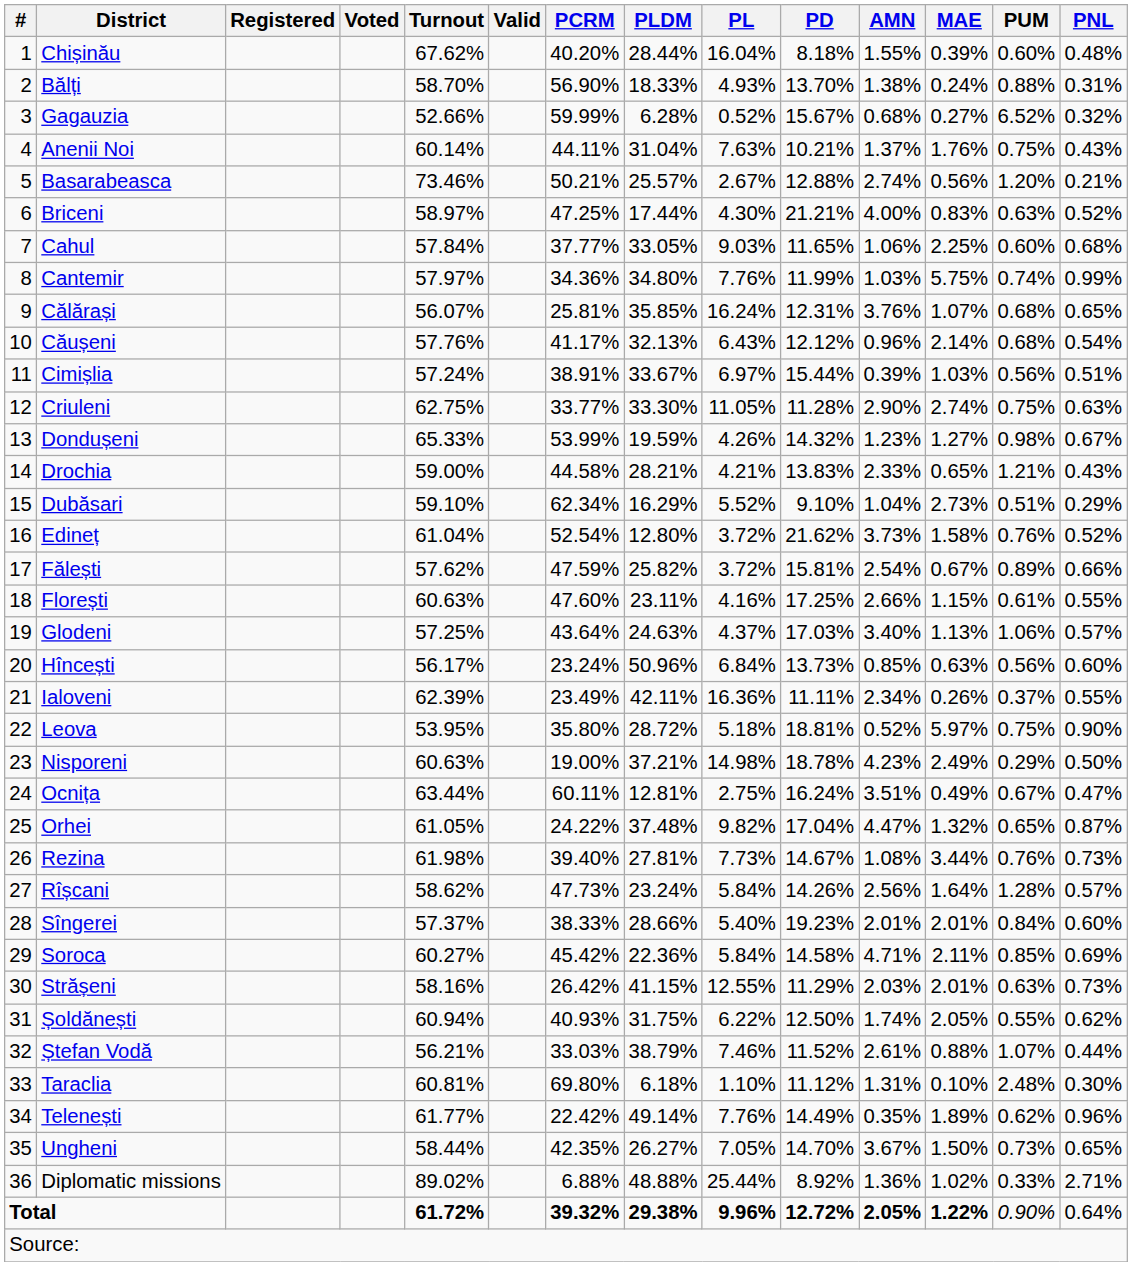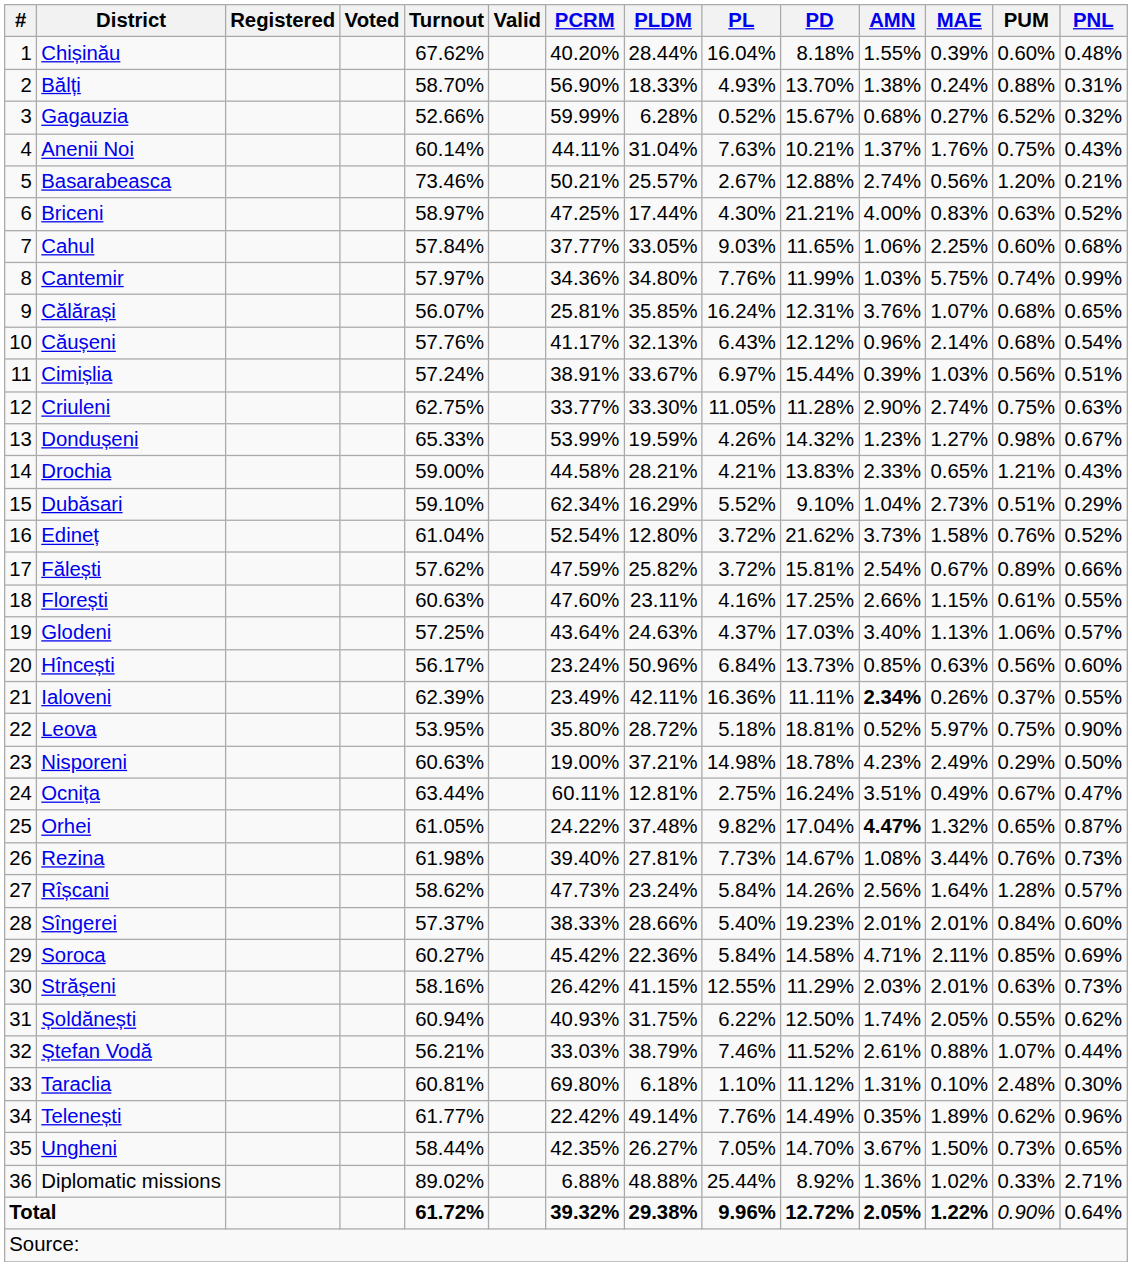 <table class="wikitable sortable" style=text-align:right>
 <tr>
 <th>#</th>
 <th>District</th>
 <th>Registered</th>
 <th>Voted</th>
 <th>Turnout</th>
 <th>Valid</th>
 <th><a href='#'>PCRM</a></th>
 <th><a href='#'>PLDM</a></th>
 <th><a href='#'>PL</a></th>
 <th><a href='#'>PD</a></th>
 <th><a href='#'>AMN</a></th>
 <th><a href='#'>MAE</a></th>
 <th>PUM</th>
 <th><a href='#'>PNL</a></th>
 </tr>
 <tr>
 <td>1</td>
 <td align=left><a href='#'>Chișinău</a></td>
 <td></td>
 <td></td>
 <td>67.62%</td>
 <td></td>
 <td>40.20%</td>
 <td>28.44%</td>
 <td>16.04%</td>
 <td>8.18%</td>
 <td>1.55%</td>
 <td>0.39%</td>
 <td>0.60%</td>
 <td>0.48%</td>
 </tr>
 <tr>
 <td>2</td>
 <td align=left><a href='#'>Bălți</a></td>
 <td></td>
 <td></td>
 <td>58.70%</td>
 <td></td>
 <td>56.90%</td>
 <td>18.33%</td>
 <td>4.93%</td>
 <td>13.70%</td>
 <td>1.38%</td>
 <td>0.24%</td>
 <td>0.88%</td>
 <td>0.31%</td>
 </tr>
 <tr>
 <td>3</td>
 <td align=left><a href='#'>Gagauzia</a></td>
 <td></td>
 <td></td>
 <td>52.66%</td>
 <td></td>
 <td>59.99%</td>
 <td>6.28%</td>
 <td>0.52%</td>
 <td>15.67%</td>
 <td>0.68%</td>
 <td>0.27%</td>
 <td>6.52%</td>
 <td>0.32%</td>
 </tr>
 <tr>
 <td>4</td>
 <td align=left><a href='#'>Anenii Noi</a></td>
 <td></td>
 <td></td>
 <td>60.14%</td>
 <td></td>
 <td>44.11%</td>
 <td>31.04%</td>
 <td>7.63%</td>
 <td>10.21%</td>
 <td>1.37%</td>
 <td>1.76%</td>
 <td>0.75%</td>
 <td>0.43%</td>
 </tr>
 <tr>
 <td>5</td>
 <td align=left><a href='#'>Basarabeasca</a></td>
 <td></td>
 <td></td>
 <td>73.46%</td>
 <td></td>
 <td>50.21%</td>
 <td>25.57%</td>
 <td>2.67%</td>
 <td>12.88%</td>
 <td>2.74%</td>
 <td>0.56%</td>
 <td>1.20%</td>
 <td>0.21%</td>
 </tr>
 <tr>
 <td>6</td>
 <td align=left><a href='#'>Briceni</a></td>
 <td></td>
 <td></td>
 <td>58.97%</td>
 <td></td>
 <td>47.25%</td>
 <td>17.44%</td>
 <td>4.30%</td>
 <td>21.21%</td>
 <td>4.00%</td>
 <td>0.83%</td>
 <td>0.63%</td>
 <td>0.52%</td>
 </tr>
 <tr>
 <td>7</td>
 <td align=left><a href='#'>Cahul</a></td>
 <td></td>
 <td></td>
 <td>57.84%</td>
 <td></td>
 <td>37.77%</td>
 <td>33.05%</td>
 <td>9.03%</td>
 <td>11.65%</td>
 <td>1.06%</td>
 <td>2.25%</td>
 <td>0.60%</td>
 <td>0.68%</td>
 </tr>
 <tr>
 <td>8</td>
 <td align=left><a href='#'>Cantemir</a></td>
 <td></td>
 <td></td>
 <td>57.97%</td>
 <td></td>
 <td>34.36%</td>
 <td>34.80%</td>
 <td>7.76%</td>
 <td>11.99%</td>
 <td>1.03%</td>
 <td>5.75%</td>
 <td>0.74%</td>
 <td>0.99%</td>
 </tr>
 <tr>
 <td>9</td>
 <td align=left><a href='#'>Călărași</a></td>
 <td></td>
 <td></td>
 <td>56.07%</td>
 <td></td>
 <td>25.81%</td>
 <td>35.85%</td>
 <td>16.24%</td>
 <td>12.31%</td>
 <td>3.76%</td>
 <td>1.07%</td>
 <td>0.68%</td>
 <td>0.65%</td>
 </tr>
 <tr>
 <td>10</td>
 <td align=left><a href='#'>Căușeni</a></td>
 <td></td>
 <td></td>
 <td>57.76%</td>
 <td></td>
 <td>41.17%</td>
 <td>32.13%</td>
 <td>6.43%</td>
 <td>12.12%</td>
 <td>0.96%</td>
 <td>2.14%</td>
 <td>0.68%</td>
 <td>0.54%</td>
 </tr>
 <tr>
 <td>11</td>
 <td align=left><a href='#'>Cimișlia</a></td>
 <td></td>
 <td></td>
 <td>57.24%</td>
 <td></td>
 <td>38.91%</td>
 <td>33.67%</td>
 <td>6.97%</td>
 <td>15.44%</td>
 <td>0.39%</td>
 <td>1.03%</td>
 <td>0.56%</td>
 <td>0.51%</td>
 </tr>
 <tr>
 <td>12</td>
 <td align=left><a href='#'>Criuleni</a></td>
 <td></td>
 <td></td>
 <td>62.75%</td>
 <td></td>
 <td>33.77%</td>
 <td>33.30%</td>
 <td>11.05%</td>
 <td>11.28%</td>
 <td>2.90%</td>
 <td>2.74%</td>
 <td>0.75%</td>
 <td>0.63%</td>
 </tr>
 <tr>
 <td>13</td>
 <td align=left><a href='#'>Dondușeni</a></td>
 <td></td>
 <td></td>
 <td>65.33%</td>
 <td></td>
 <td>53.99%</td>
 <td>19.59%</td>
 <td>4.26%</td>
 <td>14.32%</td>
 <td>1.23%</td>
 <td>1.27%</td>
 <td>0.98%</td>
 <td>0.67%</td>
 </tr>
 <tr>
 <td>14</td>
 <td align=left><a href='#'>Drochia</a></td>
 <td></td>
 <td></td>
 <td>59.00%</td>
 <td></td>
 <td>44.58%</td>
 <td>28.21%</td>
 <td>4.21%</td>
 <td>13.83%</td>
 <td>2.33%</td>
 <td>0.65%</td>
 <td>1.21%</td>
 <td>0.43%</td>
 </tr>
 <tr>
 <td>15</td>
 <td align=left><a href='#'>Dubăsari</a></td>
 <td></td>
 <td></td>
 <td>59.10%</td>
 <td></td>
 <td>62.34%</td>
 <td>16.29%</td>
 <td>5.52%</td>
 <td>9.10%</td>
 <td>1.04%</td>
 <td>2.73%</td>
 <td>0.51%</td>
 <td>0.29%</td>
 </tr>
 <tr>
 <td>16</td>
 <td align=left><a href='#'>Edineț</a></td>
 <td></td>
 <td></td>
 <td>61.04%</td>
 <td></td>
 <td>52.54%</td>
 <td>12.80%</td>
 <td>3.72%</td>
 <td>21.62%</td>
 <td>3.73%</td>
 <td>1.58%</td>
 <td>0.76%</td>
 <td>0.52%</td>
 </tr>
 <tr>
 <td>17</td>
 <td align=left><a href='#'>Fălești</a></td>
 <td></td>
 <td></td>
 <td>57.62%</td>
 <td></td>
 <td>47.59%</td>
 <td>25.82%</td>
 <td>3.72%</td>
 <td>15.81%</td>
 <td>2.54%</td>
 <td>0.67%</td>
 <td>0.89%</td>
 <td>0.66%</td>
 </tr>
 <tr>
 <td>18</td>
 <td align=left><a href='#'>Florești</a></td>
 <td></td>
 <td></td>
 <td>60.63%</td>
 <td></td>
 <td>47.60%</td>
 <td>23.11%</td>
 <td>4.16%</td>
 <td>17.25%</td>
 <td>2.66%</td>
 <td>1.15%</td>
 <td>0.61%</td>
 <td>0.55%</td>
 </tr>
 <tr>
 <td>19</td>
 <td align=left><a href='#'>Glodeni</a></td>
 <td></td>
 <td></td>
 <td>57.25%</td>
 <td></td>
 <td>43.64%</td>
 <td>24.63%</td>
 <td>4.37%</td>
 <td>17.03%</td>
 <td>3.40%</td>
 <td>1.13%</td>
 <td>1.06%</td>
 <td>0.57%</td>
 </tr>
 <tr>
 <td>20</td>
 <td align=left><a href='#'>Hîncești</a></td>
 <td></td>
 <td></td>
 <td>56.17%</td>
 <td></td>
 <td>23.24%</td>
 <td>50.96%</td>
 <td>6.84%</td>
 <td>13.73%</td>
 <td>0.85%</td>
 <td>0.63%</td>
 <td>0.56%</td>
 <td>0.60%</td>
 </tr>
 <tr>
 <td>21</td>
 <td align=left><a href='#'>Ialoveni</a></td>
 <td></td>
 <td></td>
 <td>62.39%</td>
 <td></td>
 <td>23.49%</td>
 <td>42.11%</td>
 <td>16.36%</td>
 <td>11.11%</td>
-<td>2.34%</td>
+<td><strong>2.34%</strong></td>
 <td>0.26%</td>
 <td>0.37%</td>
 <td>0.55%</td>
 </tr>
 <tr>
 <td>22</td>
 <td align=left><a href='#'>Leova</a></td>
 <td></td>
 <td></td>
 <td>53.95%</td>
 <td></td>
 <td>35.80%</td>
 <td>28.72%</td>
 <td>5.18%</td>
 <td>18.81%</td>
 <td>0.52%</td>
 <td>5.97%</td>
 <td>0.75%</td>
 <td>0.90%</td>
 </tr>
 <tr>
 <td>23</td>
 <td align=left><a href='#'>Nisporeni</a></td>
 <td></td>
 <td></td>
 <td>60.63%</td>
 <td></td>
 <td>19.00%</td>
 <td>37.21%</td>
 <td>14.98%</td>
 <td>18.78%</td>
 <td>4.23%</td>
 <td>2.49%</td>
 <td>0.29%</td>
 <td>0.50%</td>
 </tr>
 <tr>
 <td>24</td>
 <td align=left><a href='#'>Ocnița</a></td>
 <td></td>
 <td></td>
 <td>63.44%</td>
 <td></td>
 <td>60.11%</td>
 <td>12.81%</td>
 <td>2.75%</td>
 <td>16.24%</td>
 <td>3.51%</td>
 <td>0.49%</td>
 <td>0.67%</td>
 <td>0.47%</td>
 </tr>
 <tr>
 <td>25</td>
 <td align=left><a href='#'>Orhei</a></td>
 <td></td>
 <td></td>
 <td>61.05%</td>
 <td></td>
 <td>24.22%</td>
 <td>37.48%</td>
 <td>9.82%</td>
 <td>17.04%</td>
-<td>4.47%</td>
+<td><strong>4.47%</strong></td>
 <td>1.32%</td>
 <td>0.65%</td>
 <td>0.87%</td>
 </tr>
 <tr>
 <td>26</td>
 <td align=left><a href='#'>Rezina</a></td>
 <td></td>
 <td></td>
 <td>61.98%</td>
 <td></td>
 <td>39.40%</td>
 <td>27.81%</td>
 <td>7.73%</td>
 <td>14.67%</td>
 <td>1.08%</td>
 <td>3.44%</td>
 <td>0.76%</td>
 <td>0.73%</td>
 </tr>
 <tr>
 <td>27</td>
 <td align=left><a href='#'>Rîșcani</a></td>
 <td></td>
 <td></td>
 <td>58.62%</td>
 <td></td>
 <td>47.73%</td>
 <td>23.24%</td>
 <td>5.84%</td>
 <td>14.26%</td>
 <td>2.56%</td>
 <td>1.64%</td>
 <td>1.28%</td>
 <td>0.57%</td>
 </tr>
 <tr>
 <td>28</td>
 <td align=left><a href='#'>Sîngerei</a></td>
 <td></td>
 <td></td>
 <td>57.37%</td>
 <td></td>
 <td>38.33%</td>
 <td>28.66%</td>
 <td>5.40%</td>
 <td>19.23%</td>
 <td>2.01%</td>
 <td>2.01%</td>
 <td>0.84%</td>
 <td>0.60%</td>
 </tr>
 <tr>
 <td>29</td>
 <td align=left><a href='#'>Soroca</a></td>
 <td></td>
 <td></td>
 <td>60.27%</td>
 <td></td>
 <td>45.42%</td>
 <td>22.36%</td>
 <td>5.84%</td>
 <td>14.58%</td>
 <td>4.71%</td>
 <td>2.11%</td>
 <td>0.85%</td>
 <td>0.69%</td>
 </tr>
 <tr>
 <td>30</td>
 <td align=left><a href='#'>Strășeni</a></td>
 <td></td>
 <td></td>
 <td>58.16%</td>
 <td></td>
 <td>26.42%</td>
 <td>41.15%</td>
 <td>12.55%</td>
 <td>11.29%</td>
 <td>2.03%</td>
 <td>2.01%</td>
 <td>0.63%</td>
 <td>0.73%</td>
 </tr>
 <tr>
 <td>31</td>
 <td align=left><a href='#'>Șoldănești</a></td>
 <td></td>
 <td></td>
 <td>60.94%</td>
 <td></td>
 <td>40.93%</td>
 <td>31.75%</td>
 <td>6.22%</td>
 <td>12.50%</td>
 <td>1.74%</td>
 <td>2.05%</td>
 <td>0.55%</td>
 <td>0.62%</td>
 </tr>
 <tr>
 <td>32</td>
 <td align=left><a href='#'>Ștefan Vodă</a></td>
 <td></td>
 <td></td>
 <td>56.21%</td>
 <td></td>
 <td>33.03%</td>
 <td>38.79%</td>
 <td>7.46%</td>
 <td>11.52%</td>
 <td>2.61%</td>
 <td>0.88%</td>
 <td>1.07%</td>
 <td>0.44%</td>
 </tr>
 <tr>
 <td>33</td>
 <td align=left><a href='#'>Taraclia</a></td>
 <td></td>
 <td></td>
 <td>60.81%</td>
 <td></td>
 <td>69.80%</td>
 <td>6.18%</td>
 <td>1.10%</td>
 <td>11.12%</td>
 <td>1.31%</td>
 <td>0.10%</td>
 <td>2.48%</td>
 <td>0.30%</td>
 </tr>
 <tr>
 <td>34</td>
 <td align=left><a href='#'>Telenești</a></td>
 <td></td>
 <td></td>
 <td>61.77%</td>
 <td></td>
 <td>22.42%</td>
 <td>49.14%</td>
 <td>7.76%</td>
 <td>14.49%</td>
 <td>0.35%</td>
 <td>1.89%</td>
 <td>0.62%</td>
 <td>0.96%</td>
 </tr>
 <tr>
 <td>35</td>
 <td align=left><a href='#'>Ungheni</a></td>
 <td></td>
 <td></td>
 <td>58.44%</td>
 <td></td>
 <td>42.35%</td>
 <td>26.27%</td>
 <td>7.05%</td>
 <td>14.70%</td>
 <td>3.67%</td>
 <td>1.50%</td>
 <td>0.73%</td>
 <td>0.65%</td>
 </tr>
 <tr>
 <td>36</td>
 <td>Diplomatic missions</td>
 <td></td>
 <td></td>
 <td>89.02%</td>
 <td></td>
 <td>6.88%</td>
 <td>48.88%</td>
 <td>25.44%</td>
 <td>8.92%</td>
 <td>1.36%</td>
 <td>1.02%</td>
 <td>0.33%</td>
 <td>2.71%</td>
 </tr>
 <tr>
 <td colspan=2 align=left><strong>Total</strong></td>
 <td></td>
 <td></td>
 <td><strong>61.72%</strong></td>
 <td></td>
 <td><strong>39.32%</strong></td>
 <td><strong>29.38%</strong></td>
 <td><strong>9.96%</strong></td>
 <td><strong>12.72%</strong></td>
 <td><strong>2.05%</strong></td>
 <td><strong>1.22%</strong></td>
 <td><em>0.90%<strong></td>
 <td></strong>0.64%<strong></td>
 </tr>
 <tr>
 <td colspan=14 align=left>Source: </td>
 </tr>
 </table>
